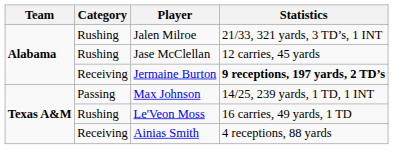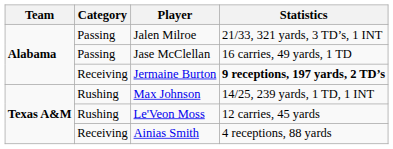 <table class="wikitable" style="float: right;">
 <tr>
 <th>Team</th>
 <th>Category</th>
 <th>Player</th>
 <th>Statistics</th>
 </tr>
 <tr>
 <td rowspan=3><strong>Alabama</strong></td>
-<td>Rushing</td>
+<td>Passing</td>
 <td>Jalen Milroe</td>
 <td>21/33, 321 yards, 3 TD’s, 1 INT</td>
 </tr>
 <tr>
-<td>Rushing</td>
+<td>Passing</td>
 <td>Jase McClellan</td>
-<td>12 carries, 45 yards</td>
+<td>16 carries, 49 yards, 1 TD</td>
 </tr>
 <tr>
 <td>Receiving</td>
 <td><a href='#'>Jermaine Burton</a></td>
 <td><strong>9 receptions, 197 yards, 2 TD’s</strong></td>
 </tr>
 <tr>
 <td rowspan=3><strong>Texas A&M</strong></td>
-<td>Passing</td>
+<td>Rushing</td>
 <td><a href='#'>Max Johnson</a></td>
 <td>14/25, 239 yards, 1 TD, 1 INT</td>
 </tr>
 <tr>
 <td>Rushing</td>
 <td><a href='#'>Le'Veon Moss</a></td>
-<td>16 carries, 49 yards, 1 TD</td>
+<td>12 carries, 45 yards</td>
 </tr>
 <tr>
 <td>Receiving</td>
 <td><a href='#'>Ainias Smith</a></td>
 <td>4 receptions, 88 yards</td>
 </tr>
 </table>
